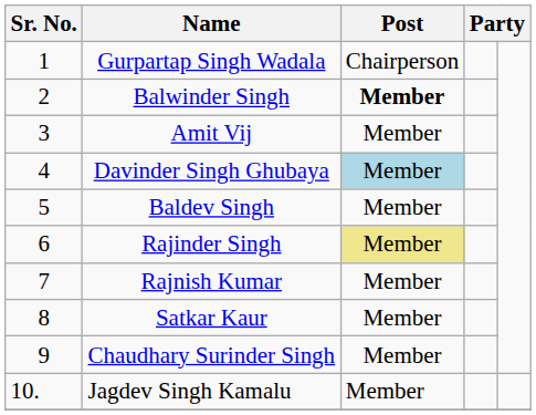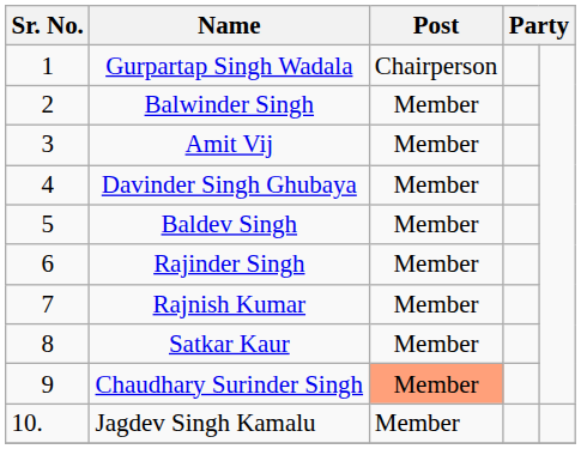 <table class="wikitable sortable">
 <tr>
 <th>Sr. No.</th>
 <th>Name</th>
 <th>Post</th>
 <th colspan="2">Party</th>
 </tr>
 <tr align="center">
 <td>1</td>
 <td><a href='#'>Gurpartap Singh Wadala</a></td>
 <td>Chairperson</td>
 <td></td>
 </tr>
 <tr align="center">
 <td>2</td>
 <td><a href='#'>Balwinder Singh</a></td>
-<td><strong>Member</strong></td>
+<td>Member</td>
 <td></td>
 </tr>
 <tr align="center">
 <td>3</td>
 <td><a href='#'>Amit Vij</a></td>
 <td>Member</td>
 <td></td>
 </tr>
 <tr align="center">
 <td>4</td>
 <td><a href='#'>Davinder Singh Ghubaya</a></td>
-<td style="background: lightblue;">Member</td>
+<td>Member</td>
 <td></td>
 </tr>
 <tr align="center">
 <td>5</td>
 <td><a href='#'>Baldev Singh</a></td>
 <td>Member</td>
 <td></td>
 </tr>
 <tr align="center">
 <td>6</td>
 <td><a href='#'>Rajinder Singh</a></td>
-<td style="background: khaki;">Member</td>
+<td>Member</td>
 <td></td>
 </tr>
 <tr align="center">
 <td>7</td>
 <td><a href='#'>Rajnish Kumar</a></td>
 <td>Member</td>
 <td></td>
 </tr>
 <tr align="center">
 <td>8</td>
 <td><a href='#'>Satkar Kaur</a></td>
 <td>Member</td>
 <td></td>
 </tr>
 <tr align="center">
 <td>9</td>
 <td><a href='#'>Chaudhary Surinder Singh</a></td>
-<td>Member</td>
+<td style="background: lightsalmon;">Member</td>
 <td></td>
 </tr>
 <tr>
 <td>10.</td>
 <td>Jagdev Singh Kamalu</td>
 <td>Member</td>
 <td></td>
 <td></td>
 </tr>
 <tr align="center">
 </tr>
 </table>
